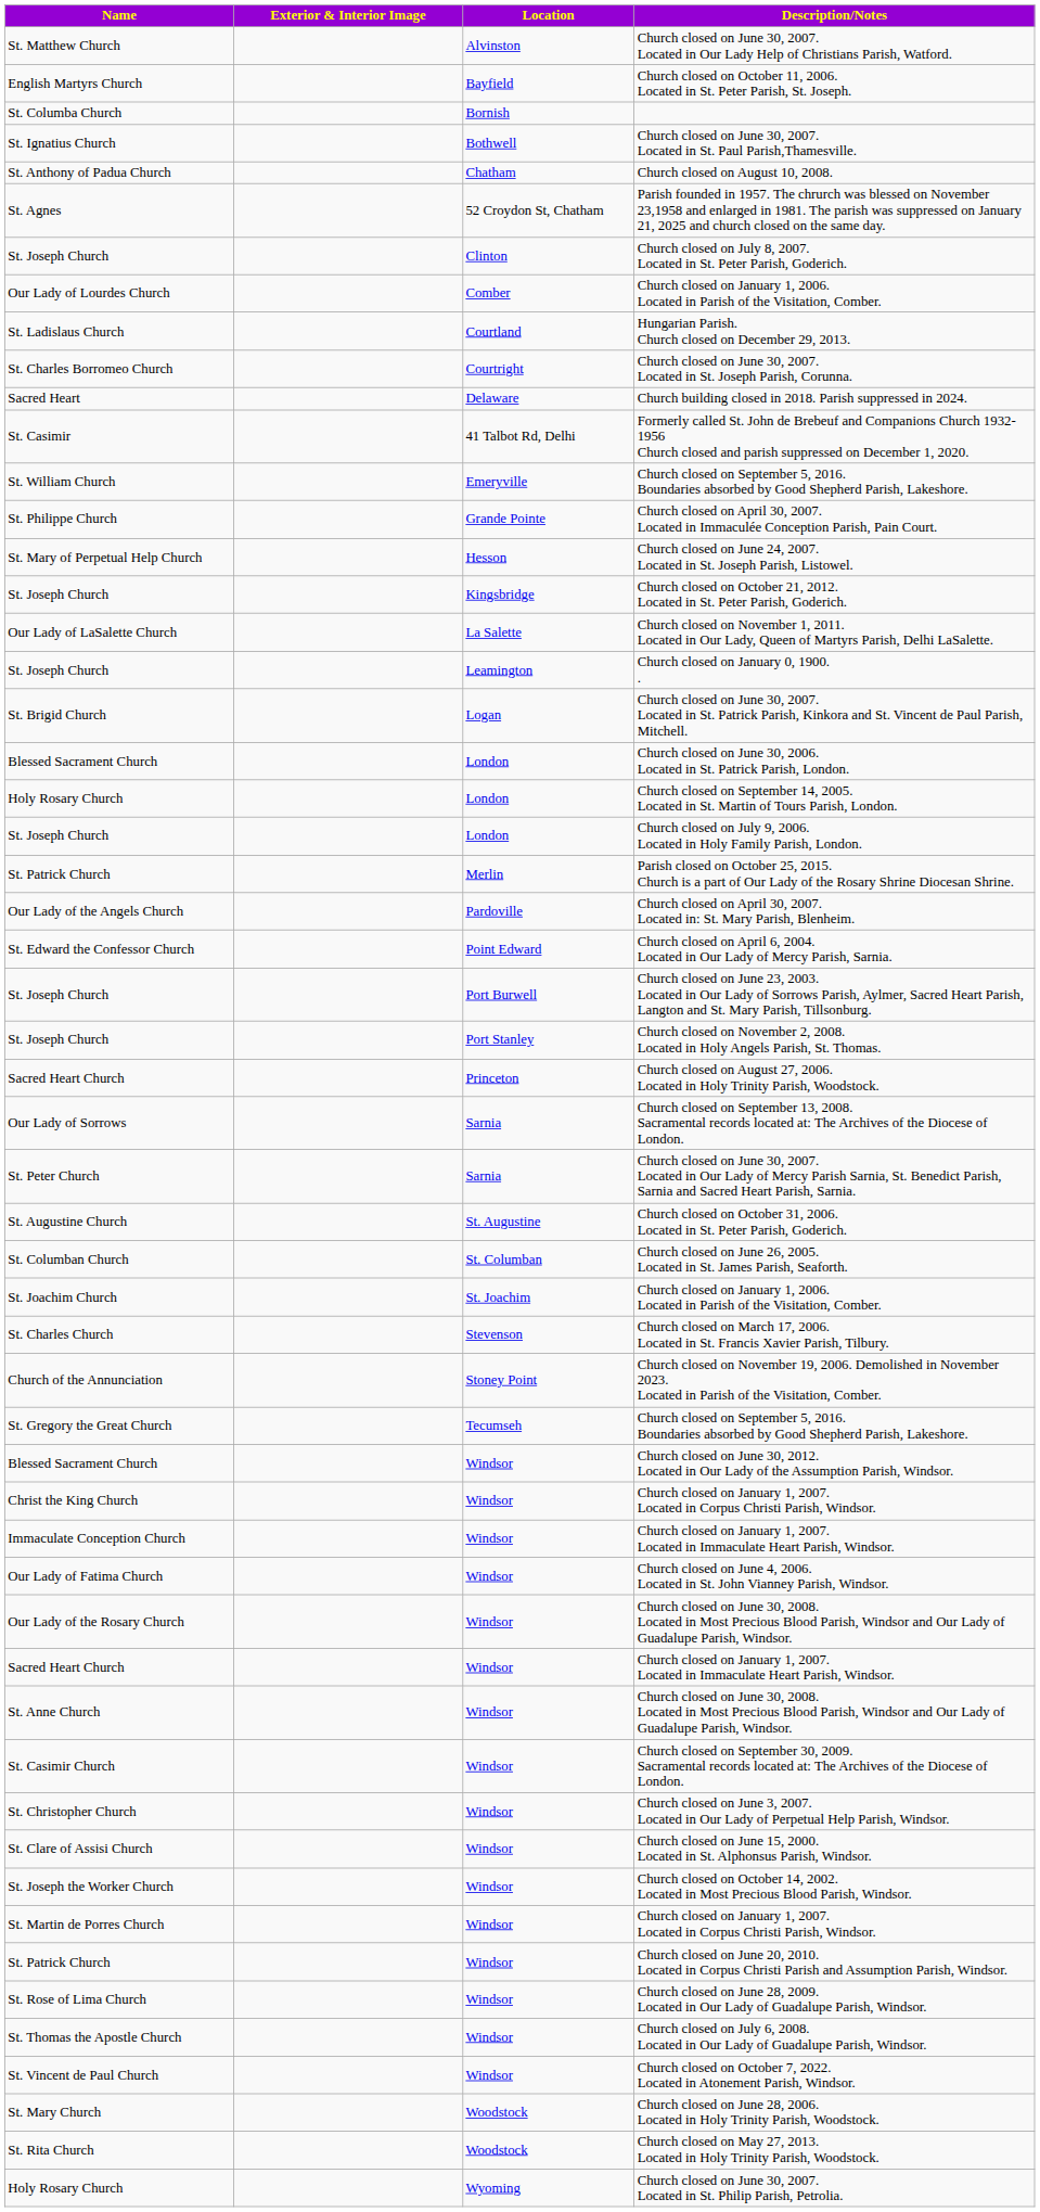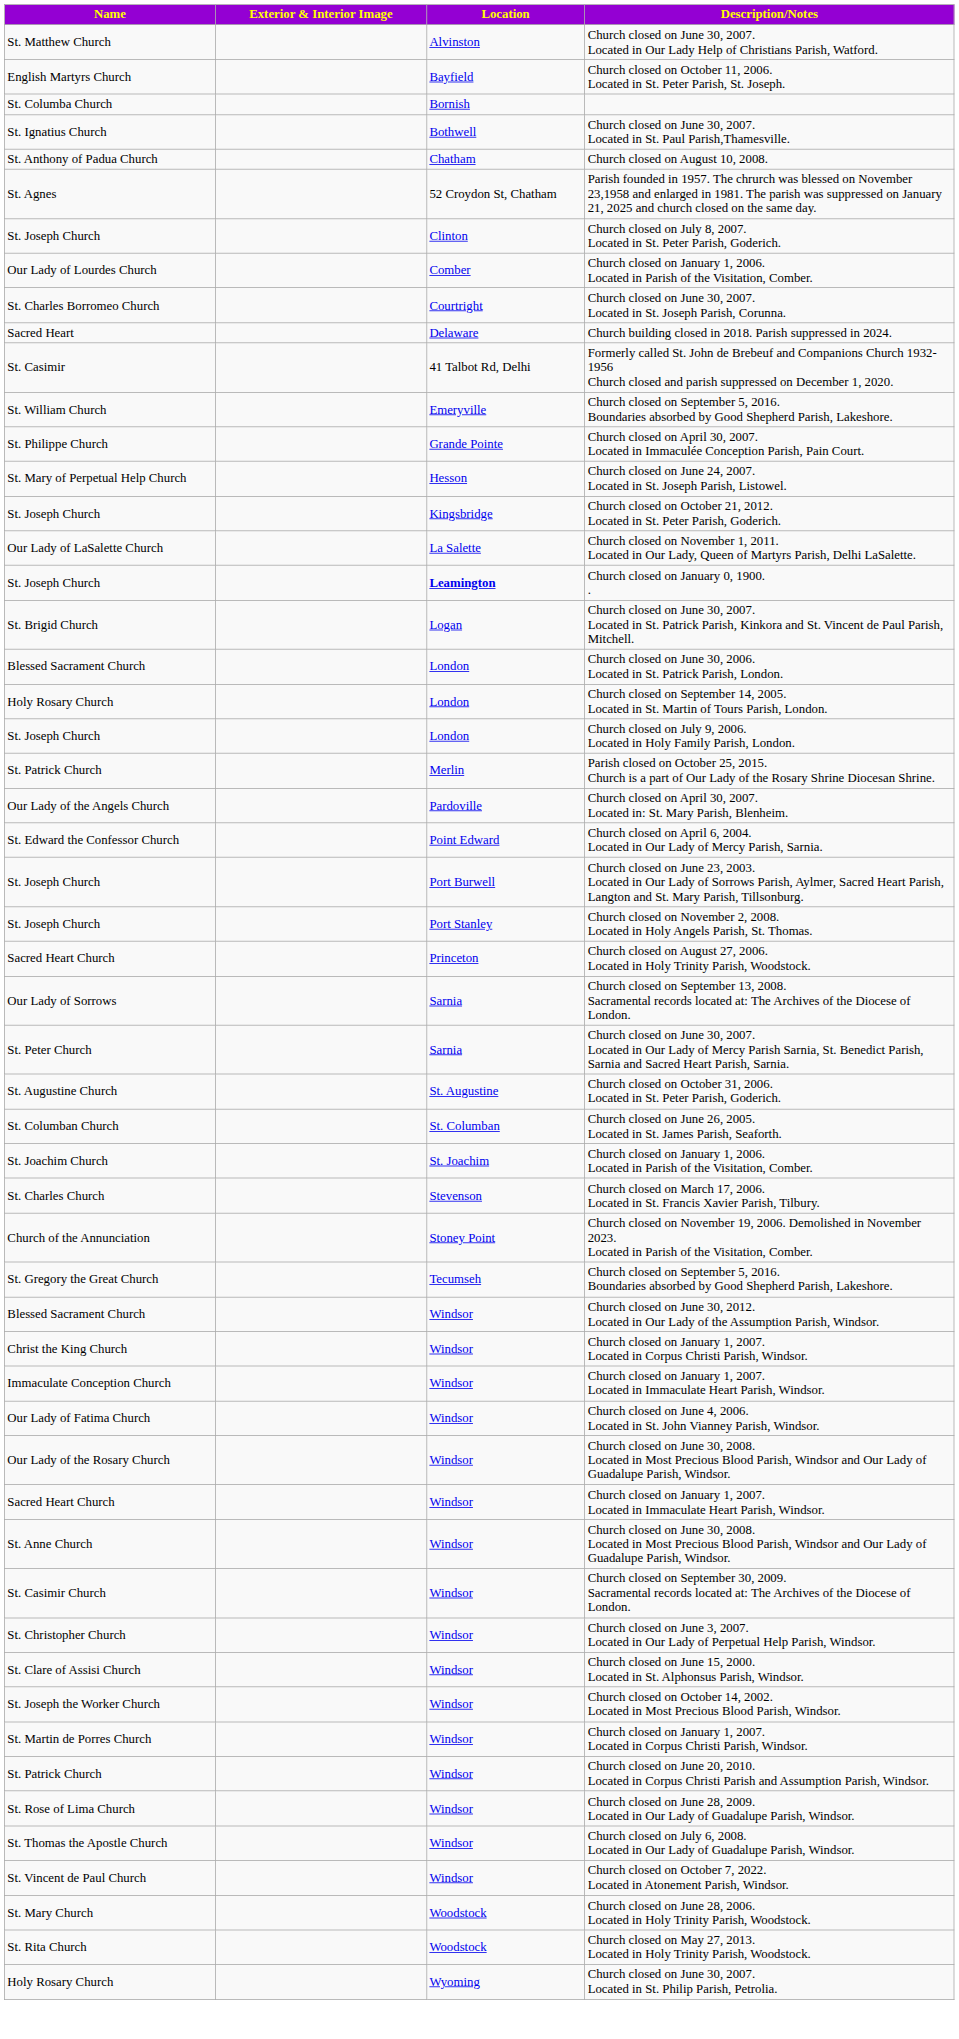 <table class="wikitable sortable" style="width:75%">
 <tr>
 <th style="background:darkviolet; color:yellow;" width="20%"><strong>Name</strong></th>
 <th style="background:darkviolet; color:yellow;" width="20%"><strong>Exterior & Interior Image</strong></th>
 <th style="background:darkviolet; color:yellow;" width="15%"><strong>Location</strong></th>
 <th style="background:darkviolet; color:yellow;" width="35%"><strong>Description/Notes</strong></th>
 </tr>
 <tr>
 <td>St. Matthew Church</td>
 <td></td>
 <td><a href='#'>Alvinston</a></td>
 <td>Church closed on June 30, 2007.<br>Located in Our Lady Help of Christians Parish, Watford.</td>
 </tr>
 <tr>
 <td>English Martyrs Church</td>
 <td></td>
 <td><a href='#'>Bayfield</a></td>
 <td>Church closed on October 11, 2006.<br>Located in St. Peter Parish, St. Joseph.</td>
 </tr>
 <tr>
 <td>St. Columba Church</td>
 <td></td>
 <td><a href='#'>Bornish</a></td>
 <td></td>
 </tr>
 <tr>
 <td>St. Ignatius Church</td>
 <td><br></td>
 <td><a href='#'>Bothwell</a></td>
 <td>Church closed on June 30, 2007.<br>Located in St. Paul Parish,Thamesville.</td>
 </tr>
 <tr>
 <td>St. Anthony of Padua Church</td>
 <td></td>
 <td><a href='#'>Chatham</a></td>
 <td Hungarian Church.>Church closed on August 10, 2008.</td>
 </tr>
 <tr>
 <td>St. Agnes</td>
 <td><br></td>
 <td>52 Croydon St, Chatham</td>
 <td>Parish founded in 1957. The chrurch was blessed on November 23,1958 and enlarged in 1981. The parish was suppressed on January 21, 2025 and church closed on the same day.</td>
 </tr>
 <tr>
 <td>St. Joseph Church</td>
 <td></td>
 <td><a href='#'>Clinton</a></td>
 <td>Church closed on July 8, 2007.<br>Located in St. Peter Parish, Goderich.</td>
 </tr>
 <tr>
 <td>Our Lady of Lourdes Church</td>
 <td></td>
 <td><a href='#'>Comber</a></td>
 <td>Church closed on January 1, 2006.<br>Located in Parish of the Visitation, Comber.</td>
 </tr>
 <tr>
-<td>St. Ladislaus Church</td>
-<td></td>
-<td><a href='#'>Courtland</a></td>
-<td>Hungarian Parish.<br>Church closed on December 29, 2013.</td>
-</tr>
-<tr>
 <td>St. Charles Borromeo Church</td>
 <td></td>
 <td><a href='#'>Courtright</a></td>
 <td>Church closed on June 30, 2007.<br>Located in St. Joseph Parish, Corunna.</td>
 </tr>
 <tr>
 <td>Sacred Heart</td>
 <td></td>
 <td><a href='#'>Delaware</a></td>
 <td>Church building closed in 2018. Parish suppressed in 2024.</td>
 </tr>
 <tr>
 <td>St. Casimir</td>
 <td></td>
 <td>41 Talbot Rd, Delhi</td>
 <td>Formerly called St. John de Brebeuf and Companions Church 1932-1956<br> Church closed and parish suppressed on December 1, 2020.</td>
 </tr>
 <tr>
 <td>St. William Church</td>
 <td></td>
 <td><a href='#'>Emeryville</a></td>
 <td>Church closed on September 5, 2016.<br>Boundaries absorbed by Good Shepherd Parish, Lakeshore.</td>
 </tr>
 <tr>
 <td>St. Philippe Church</td>
 <td></td>
 <td><a href='#'>Grande Pointe</a></td>
 <td>Church closed on April 30, 2007.<br>Located in Immaculée Conception Parish, Pain Court.</td>
 </tr>
 <tr>
 <td>St. Mary of Perpetual Help Church</td>
 <td></td>
 <td><a href='#'>Hesson</a></td>
 <td>Church closed on June 24, 2007.<br>Located in St. Joseph Parish, Listowel.</td>
 </tr>
 <tr>
 <td>St. Joseph Church</td>
 <td><br></td>
 <td><a href='#'>Kingsbridge</a></td>
 <td>Church closed on October 21, 2012.<br>Located in St. Peter Parish, Goderich.</td>
 </tr>
 <tr>
 <td>Our Lady of LaSalette Church</td>
 <td></td>
 <td><a href='#'>La Salette</a></td>
 <td>Church closed on November 1, 2011.<br>Located in Our Lady, Queen of Martyrs Parish, Delhi LaSalette.</td>
 </tr>
 <tr>
 <td>St. Joseph Church</td>
 <td></td>
-<td><a href='#'>Leamington</a></td>
+<td><strong><a href='#'>Leamington</a></strong></td>
 <td>Church closed on January 0, 1900.<br>.</td>
 </tr>
 <tr>
 <td>St. Brigid Church</td>
 <td><br></td>
 <td><a href='#'>Logan</a></td>
 <td>Church closed on June 30, 2007.<br>Located in St. Patrick Parish, Kinkora and St. Vincent de Paul Parish, Mitchell.</td>
 </tr>
 <tr>
 <td>Blessed Sacrament Church</td>
 <td></td>
 <td><a href='#'>London</a></td>
 <td>Church closed on June 30, 2006.<br>Located in St. Patrick Parish, London.</td>
 </tr>
 <tr>
 <td>Holy Rosary Church</td>
 <td></td>
 <td><a href='#'>London</a></td>
 <td>Church closed on September 14, 2005.<br>Located in St. Martin of Tours Parish, London.</td>
 </tr>
 <tr>
 <td>St. Joseph Church</td>
 <td></td>
 <td><a href='#'>London</a></td>
 <td>Church closed on July 9, 2006.<br>Located in Holy Family Parish, London.</td>
 </tr>
 <tr>
 <td>St. Patrick Church</td>
 <td></td>
 <td><a href='#'>Merlin</a></td>
 <td>Parish closed on October 25, 2015.<br>Church is a part of Our Lady of the Rosary Shrine Diocesan Shrine.</td>
 </tr>
 <tr>
 <td>Our Lady of the Angels Church</td>
 <td></td>
 <td><a href='#'>Pardoville</a></td>
 <td>Church closed on April 30, 2007.<br>Located in: St. Mary Parish, Blenheim.</td>
 </tr>
 <tr>
 <td>St. Edward the Confessor Church</td>
 <td></td>
 <td><a href='#'>Point Edward</a></td>
 <td>Church closed on April 6, 2004.<br>Located in Our Lady of Mercy Parish, Sarnia.</td>
 </tr>
 <tr>
 <td>St. Joseph Church</td>
 <td></td>
 <td><a href='#'>Port Burwell</a></td>
 <td>Church closed on June 23, 2003.<br>Located in Our Lady of Sorrows Parish, Aylmer, Sacred Heart Parish, Langton and St. Mary Parish, Tillsonburg.</td>
 </tr>
 <tr>
 <td>St. Joseph Church</td>
 <td></td>
 <td><a href='#'>Port Stanley</a></td>
 <td>Church closed on November 2, 2008.<br>Located in Holy Angels Parish, St. Thomas.</td>
 </tr>
 <tr>
 <td>Sacred Heart Church</td>
 <td></td>
 <td><a href='#'>Princeton</a></td>
 <td>Church closed on August 27, 2006.<br>Located in Holy Trinity Parish, Woodstock.</td>
 </tr>
 <tr>
 <td>Our Lady of Sorrows</td>
 <td></td>
 <td><a href='#'>Sarnia</a></td>
 <td>Church closed on September 13, 2008.<br>Sacramental records located at: The Archives of the Diocese of London.</td>
 </tr>
 <tr>
 <td>St. Peter Church</td>
 <td></td>
 <td><a href='#'>Sarnia</a></td>
 <td>Church closed on June 30, 2007.<br>Located in Our Lady of Mercy Parish Sarnia, St. Benedict Parish, Sarnia and Sacred Heart Parish, Sarnia.</td>
 </tr>
 <tr>
 <td>St. Augustine Church</td>
 <td><br></td>
 <td><a href='#'>St. Augustine</a></td>
 <td>Church closed on October 31, 2006.<br>Located in St. Peter Parish, Goderich.</td>
 </tr>
 <tr>
 <td>St. Columban Church</td>
 <td></td>
 <td><a href='#'>St. Columban</a></td>
 <td>Church closed on June 26, 2005.<br>Located in St. James Parish, Seaforth.</td>
 </tr>
 <tr>
 <td>St. Joachim Church</td>
 <td><br></td>
 <td><a href='#'>St. Joachim</a></td>
 <td>Church closed on January 1, 2006.<br>Located in Parish of the Visitation, Comber.</td>
 </tr>
 <tr>
 <td>St. Charles Church</td>
 <td></td>
 <td><a href='#'>Stevenson</a></td>
 <td>Church closed on March 17, 2006.<br>Located in St. Francis Xavier Parish, Tilbury.</td>
 </tr>
 <tr>
 <td>Church of the Annunciation</td>
 <td><br> </td>
 <td><a href='#'>Stoney Point</a></td>
 <td>Church closed on November 19, 2006. Demolished in November 2023.<br>Located in Parish of the Visitation, Comber.</td>
 </tr>
 <tr>
 <td>St. Gregory the Great Church</td>
 <td></td>
 <td><a href='#'>Tecumseh</a></td>
 <td>Church closed on September 5, 2016.<br>Boundaries absorbed by Good Shepherd Parish, Lakeshore.</td>
 </tr>
 <tr>
 <td>Blessed Sacrament Church</td>
 <td></td>
 <td><a href='#'>Windsor</a></td>
 <td>Church closed on June 30, 2012.<br>Located in Our Lady of the Assumption Parish, Windsor.</td>
 </tr>
 <tr>
 <td>Christ the King Church</td>
 <td></td>
 <td><a href='#'>Windsor</a></td>
 <td>Church closed on January 1, 2007.<br>Located in  Corpus Christi Parish, Windsor.</td>
 </tr>
 <tr>
 <td>Immaculate Conception Church</td>
 <td></td>
 <td><a href='#'>Windsor</a></td>
 <td>Church closed on January 1, 2007.<br>Located in Immaculate Heart Parish, Windsor.</td>
 </tr>
 <tr>
 <td>Our Lady of Fatima Church</td>
 <td></td>
 <td><a href='#'>Windsor</a></td>
 <td>Church closed on June 4, 2006.<br>Located in St. John Vianney Parish, Windsor.</td>
 </tr>
 <tr>
 <td>Our Lady of the Rosary Church</td>
 <td></td>
 <td><a href='#'>Windsor</a></td>
 <td>Church closed on June 30, 2008.<br>Located in Most Precious Blood Parish, Windsor and Our Lady of Guadalupe Parish, Windsor.</td>
 </tr>
 <tr>
 <td>Sacred Heart Church</td>
 <td></td>
 <td><a href='#'>Windsor</a></td>
 <td>Church closed on January 1, 2007.<br>Located in Immaculate Heart Parish, Windsor.</td>
 </tr>
 <tr>
 <td>St. Anne Church</td>
 <td></td>
 <td><a href='#'>Windsor</a></td>
 <td>Church closed on June 30, 2008.<br>Located in Most Precious Blood Parish, Windsor and Our Lady of Guadalupe Parish, Windsor.</td>
 </tr>
 <tr>
 <td>St. Casimir Church</td>
 <td></td>
 <td><a href='#'>Windsor</a></td>
 <td>Church closed on September 30, 2009.<br>Sacramental records located at: The Archives of the Diocese of London.</td>
 </tr>
 <tr>
 <td>St. Christopher Church</td>
 <td></td>
 <td><a href='#'>Windsor</a></td>
 <td>Church closed on June 3, 2007.<br>Located in Our Lady of Perpetual Help Parish, Windsor.</td>
 </tr>
 <tr>
 <td>St. Clare of Assisi Church</td>
 <td></td>
 <td><a href='#'>Windsor</a></td>
 <td>Church closed on June 15, 2000.<br>Located in St. Alphonsus Parish, Windsor.</td>
 </tr>
 <tr>
 <td>St. Joseph the Worker Church</td>
 <td></td>
 <td><a href='#'>Windsor</a></td>
 <td>Church closed on October 14, 2002.<br>Located in Most Precious Blood Parish, Windsor.</td>
 </tr>
 <tr>
 <td>St. Martin de Porres Church</td>
 <td></td>
 <td><a href='#'>Windsor</a></td>
 <td>Church closed on January 1, 2007.<br>Located in  Corpus Christi Parish, Windsor.</td>
 </tr>
 <tr>
 <td>St. Patrick Church</td>
 <td></td>
 <td><a href='#'>Windsor</a></td>
 <td>Church closed on June 20, 2010.<br>Located in Corpus Christi Parish and Assumption Parish, Windsor.</td>
 </tr>
 <tr>
 <td>St. Rose of Lima Church</td>
 <td><br></td>
 <td><a href='#'>Windsor</a></td>
 <td>Church closed on June 28, 2009.<br>Located in Our Lady of Guadalupe Parish, Windsor.</td>
 </tr>
 <tr>
 <td>St. Thomas the Apostle Church</td>
 <td></td>
 <td><a href='#'>Windsor</a></td>
 <td>Church closed on July 6, 2008.<br>Located in Our Lady of Guadalupe Parish, Windsor.</td>
 </tr>
 <tr>
 <td>St. Vincent de Paul Church</td>
 <td></td>
 <td><a href='#'>Windsor</a></td>
 <td>Church closed on October 7, 2022.<br>Located in Atonement Parish, Windsor.</td>
 </tr>
 <tr>
 <td>St. Mary Church</td>
 <td></td>
 <td><a href='#'>Woodstock</a></td>
 <td>Church closed on June 28, 2006.<br>Located in Holy Trinity Parish, Woodstock.</td>
 </tr>
 <tr>
 <td>St. Rita Church</td>
 <td></td>
 <td><a href='#'>Woodstock</a></td>
 <td>Church closed on May 27, 2013.<br>Located in Holy Trinity Parish, Woodstock.</td>
 </tr>
 <tr>
 <td>Holy Rosary Church</td>
 <td></td>
 <td><a href='#'>Wyoming</a></td>
 <td>Church closed on June 30, 2007.<br>Located in St. Philip Parish, Petrolia.</td>
 </tr>
 </table>
